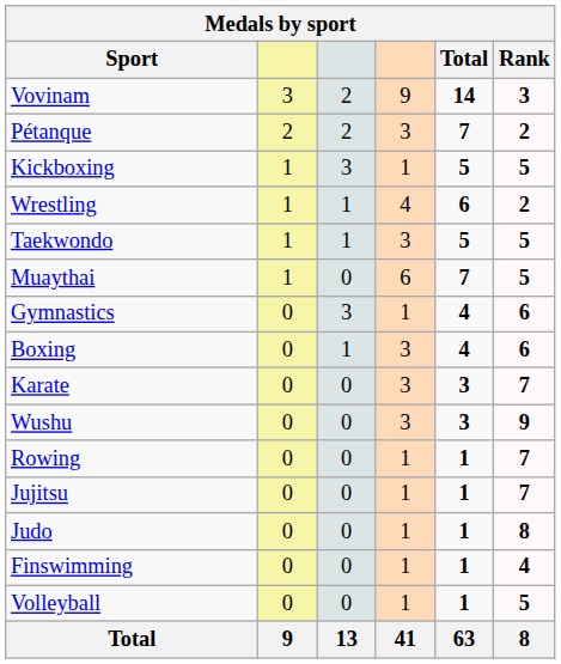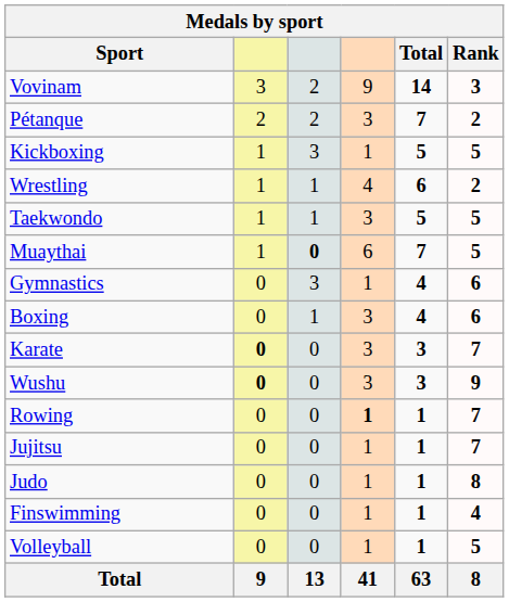 <table class="wikitable" style=font-size:85%;float:center;text-align:center>
 <tr>
 <th colspan=6><strong>Medals by sport</strong></th>
 </tr>
 <tr>
 <th width=150>Sport</th>
 <th scope="col" width=30 style="background:#F7F6A8;"></th>
 <th scope="col" width=30 style="background:#DCE5E5;"></th>
 <th scope="col" width=30 style="background:#FFDAB9;"></th>
 <th width=30>Total</th>
 <th width=30>Rank</th>
 </tr>
 <tr>
 <td align=left><a href='#'>Vovinam</a></td>
 <td style="background:#F7F6A8;">3</td>
 <td style="background:#DCE5E5;">2</td>
 <td style="background:#FFDAB9;">9</td>
 <td><strong>14</strong></td>
 <td style="background:#FFFAFA;"><strong>3</strong></td>
 </tr>
 <tr>
 <td align=left><a href='#'>Pétanque</a></td>
 <td style="background:#F7F6A8;">2</td>
 <td style="background:#DCE5E5;">2</td>
 <td style="background:#FFDAB9;">3</td>
 <td><strong>7</strong></td>
 <td style="background:#FFFAFA;"><strong>2</strong></td>
 </tr>
 <tr>
 <td align=left><a href='#'>Kickboxing</a></td>
 <td style="background:#F7F6A8;">1</td>
 <td style="background:#DCE5E5;">3</td>
 <td style="background:#FFDAB9;">1</td>
 <td><strong>5</strong></td>
 <td style="background:#FFFAFA;"><strong>5</strong></td>
 </tr>
 <tr>
 <td align=left><a href='#'>Wrestling</a></td>
 <td style="background:#F7F6A8;">1</td>
 <td style="background:#DCE5E5;">1</td>
 <td style="background:#FFDAB9;">4</td>
 <td><strong>6</strong></td>
 <td style="background:#FFFAFA;"><strong>2</strong></td>
 </tr>
 <tr>
 <td align=left><a href='#'>Taekwondo</a></td>
 <td style="background:#F7F6A8;">1</td>
 <td style="background:#DCE5E5;">1</td>
 <td style="background:#FFDAB9;">3</td>
 <td><strong>5</strong></td>
 <td style="background:#FFFAFA;"><strong>5</strong></td>
 </tr>
 <tr>
 <td align=left><a href='#'>Muaythai</a></td>
 <td style="background:#F7F6A8;">1</td>
-<td style="background:#DCE5E5;">0</td>
+<td style="background:#DCE5E5;"><strong>0</strong></td>
 <td style="background:#FFDAB9;">6</td>
 <td><strong>7</strong></td>
 <td style="background:#FFFAFA;"><strong>5</strong></td>
 </tr>
 <tr>
 <td align=left><a href='#'>Gymnastics</a></td>
 <td style="background:#F7F6A8;">0</td>
 <td style="background:#DCE5E5;">3</td>
 <td style="background:#FFDAB9;">1</td>
 <td><strong>4</strong></td>
 <td style="background:#FFFAFA;"><strong>6</strong></td>
 </tr>
 <tr>
 <td align=left><a href='#'>Boxing</a></td>
 <td style="background:#F7F6A8;">0</td>
 <td style="background:#DCE5E5;">1</td>
 <td style="background:#FFDAB9;">3</td>
 <td><strong>4</strong></td>
 <td style="background:#FFFAFA;"><strong>6</strong></td>
 </tr>
 <tr>
 <td align=left><a href='#'>Karate</a></td>
-<td style="background:#F7F6A8;">0</td>
+<td style="background:#F7F6A8;"><strong>0</strong></td>
 <td style="background:#DCE5E5;">0</td>
 <td style="background:#FFDAB9;">3</td>
 <td><strong>3</strong></td>
 <td style="background:#FFFAFA;"><strong>7</strong></td>
 </tr>
 <tr>
 <td align=left><a href='#'>Wushu</a></td>
-<td style="background:#F7F6A8;">0</td>
+<td style="background:#F7F6A8;"><strong>0</strong></td>
 <td style="background:#DCE5E5;">0</td>
 <td style="background:#FFDAB9;">3</td>
 <td><strong>3</strong></td>
 <td style="background:#FFFAFA;"><strong>9</strong></td>
 </tr>
 <tr>
 <td align=left><a href='#'>Rowing</a></td>
 <td style="background:#F7F6A8;">0</td>
 <td style="background:#DCE5E5;">0</td>
-<td style="background:#FFDAB9;">1</td>
+<td style="background:#FFDAB9;"><strong>1</strong></td>
 <td><strong>1</strong></td>
 <td style="background:#FFFAFA;"><strong>7</strong></td>
 </tr>
 <tr>
 <td align=left><a href='#'>Jujitsu</a></td>
 <td style="background:#F7F6A8;">0</td>
 <td style="background:#DCE5E5;">0</td>
 <td style="background:#FFDAB9;">1</td>
 <td><strong>1</strong></td>
 <td style="background:#FFFAFA;"><strong>7</strong></td>
 </tr>
 <tr>
 <td align=left><a href='#'>Judo</a></td>
 <td style="background:#F7F6A8;">0</td>
 <td style="background:#DCE5E5;">0</td>
 <td style="background:#FFDAB9;">1</td>
 <td><strong>1</strong></td>
 <td style="background:#FFFAFA;"><strong>8</strong></td>
 </tr>
 <tr>
 <td align=left><a href='#'>Finswimming</a></td>
 <td style="background:#F7F6A8;">0</td>
 <td style="background:#DCE5E5;">0</td>
 <td style="background:#FFDAB9;">1</td>
 <td><strong>1</strong></td>
 <td style="background:#FFFAFA;"><strong>4</strong></td>
 </tr>
 <tr>
 <td align=left><a href='#'>Volleyball</a></td>
 <td style="background:#F7F6A8;">0</td>
 <td style="background:#DCE5E5;">0</td>
 <td style="background:#FFDAB9;">1</td>
 <td><strong>1</strong></td>
 <td style="background:#FFFAFA;"><strong>5</strong></td>
 </tr>
 <tr class="sortbottom">
 <th>Total</th>
 <th>9</th>
 <th>13</th>
 <th>41</th>
 <th>63</th>
 <th>8</th>
 </tr>
 </table>
